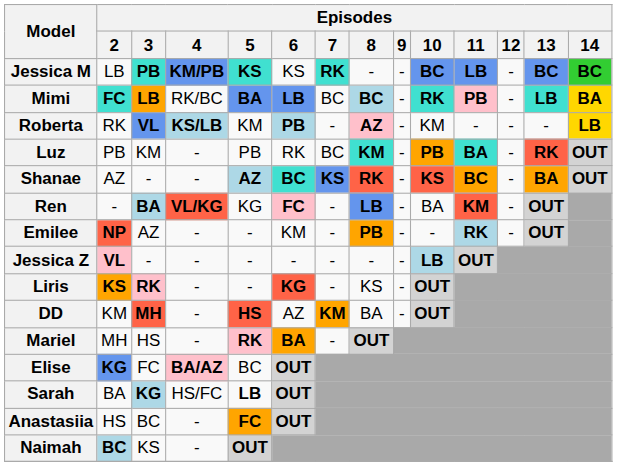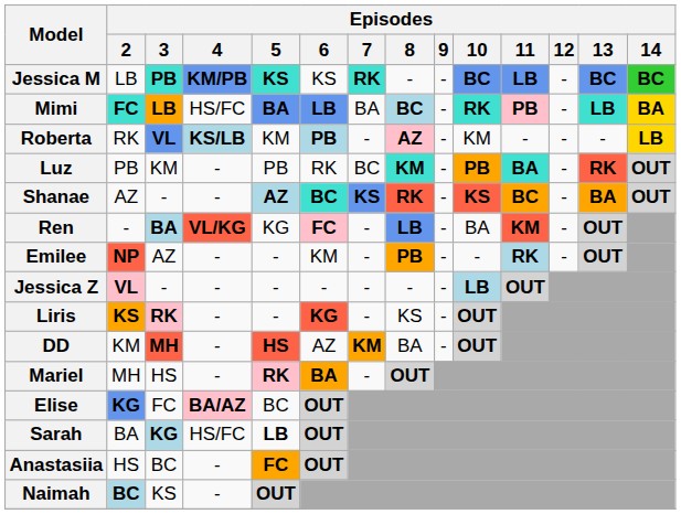 <table class="wikitable" style="text-align:center">
 <tr>
 <th rowspan="2">Model</th>
 <th colspan="13">Episodes</th>
 </tr>
 <tr>
 <th>2</th>
 <th>3</th>
 <th>4</th>
 <th>5</th>
 <th>6</th>
 <th>7</th>
 <th>8</th>
 <th>9</th>
 <th>10</th>
 <th>11</th>
 <th>12</th>
 <th>13</th>
 <th>14</th>
 </tr>
 <tr>
 <th>Jessica M</th>
 <td>LB</td>
 <td style="background:turquoise;"><strong>PB</strong></td>
 <td style="background:cornflowerblue;"><strong>KM/PB</strong></td>
 <td style="background:turquoise;"><strong>KS</strong></td>
 <td>KS</td>
 <td style="background:turquoise;"><strong>RK</strong></td>
 <td>-</td>
 <td>-</td>
 <td style="background:cornflowerblue;"><strong>BC</strong></td>
 <td style="background:cornflowerblue;"><strong>LB</strong></td>
 <td>-</td>
 <td style="background:cornflowerblue;"><strong>BC</strong></td>
 <td bgcolor="limegreen"><strong>BC</strong></td>
 </tr>
 <tr>
 <th>Mimi</th>
 <td bgcolor="turquoise"><strong>FC</strong></td>
 <td bgcolor="orange"><strong>LB</strong></td>
-<td>RK/BC</td>
+<td>HS/FC</td>
 <td style="background:cornflowerblue;"><strong>BA</strong></td>
 <td style="background:cornflowerblue;"><strong>LB</strong></td>
-<td>BC</td>
+<td>BA</td>
 <td style="background:lightblue;"><strong>BC</strong></td>
 <td>-</td>
 <td style="background:turquoise;"><strong>RK</strong></td>
 <td bgcolor="pink"><strong>PB</strong></td>
 <td>-</td>
 <td style="background:turquoise;"><strong>LB</strong></td>
 <td bgcolor="gold"><strong>BA</strong></td>
 </tr>
 <tr>
 <th>Roberta</th>
 <td>RK</td>
 <td style="background:cornflowerblue;"><strong>VL</strong></td>
 <td style="background:lightblue;"><strong>KS/LB</strong></td>
 <td>KM</td>
 <td style="background:lightblue;"><strong>PB</strong></td>
 <td>-</td>
 <td bgcolor="pink"><strong>AZ</strong></td>
 <td>-</td>
 <td>KM</td>
 <td>-</td>
 <td>-</td>
 <td>-</td>
 <td bgcolor="gold"><strong>LB</strong></td>
 </tr>
 <tr>
 <th>Luz</th>
 <td>PB</td>
 <td>KM</td>
 <td>-</td>
 <td>PB</td>
 <td>RK</td>
 <td>BC</td>
 <td style="background:turquoise;"><strong>KM</strong></td>
 <td>-</td>
 <td bgcolor="orange"><strong>PB</strong></td>
 <td style="background:turquoise;"><strong>BA</strong></td>
 <td>-</td>
 <td bgcolor="tomato"><strong>RK</strong></td>
 <td style="background:lightgrey;"><strong>OUT</strong></td>
 </tr>
 <tr>
 <th>Shanae</th>
 <td>AZ</td>
 <td>-</td>
 <td>-</td>
 <td style="background:lightblue;"><strong>AZ</strong></td>
 <td style="background:turquoise;"><strong>BC</strong></td>
 <td style="background:cornflowerblue;"><strong>KS</strong></td>
 <td bgcolor="tomato"><strong>RK</strong></td>
 <td>-</td>
 <td bgcolor="tomato"><strong>KS</strong></td>
 <td bgcolor="orange"><strong>BC</strong></td>
 <td>-</td>
 <td bgcolor="orange"><strong>BA</strong></td>
 <td style="background:lightgrey;"><strong>OUT</strong></td>
 </tr>
 <tr>
 <th>Ren</th>
 <td>-</td>
 <td style="background:lightblue;"><strong>BA</strong></td>
 <td bgcolor="tomato"><strong>VL/KG</strong></td>
 <td>KG</td>
 <td bgcolor="pink"><strong>FC</strong></td>
 <td>-</td>
 <td style="background:cornflowerblue;"><strong>LB</strong></td>
 <td>-</td>
 <td>BA</td>
 <td bgcolor="tomato"><strong>KM</strong></td>
 <td>-</td>
 <td style="background:lightgrey;"><strong>OUT</strong></td>
 <td style="background:darkgrey;" colspan="1"></td>
 </tr>
 <tr>
 <th>Emilee</th>
 <td bgcolor="tomato"><strong>NP</strong></td>
 <td>AZ</td>
 <td>-</td>
 <td>-</td>
 <td>KM</td>
 <td>-</td>
 <td bgcolor="orange"><strong>PB</strong></td>
 <td>-</td>
 <td>-</td>
 <td style="background:lightblue;"><strong>RK</strong></td>
 <td>-</td>
 <td style="background:lightgrey;"><strong>OUT</strong></td>
 <td style="background:darkgrey;" colspan="1"></td>
 </tr>
 <tr>
 <th>Jessica Z</th>
 <td bgcolor="pink"><strong>VL</strong></td>
 <td>-</td>
 <td>-</td>
 <td>-</td>
 <td>-</td>
 <td>-</td>
 <td>-</td>
 <td>-</td>
 <td style="background:lightblue;"><strong>LB</strong></td>
 <td style="background:lightgrey;"><strong>OUT</strong></td>
 <td style="background:darkgrey;" colspan="12"></td>
 </tr>
 <tr>
 <th>Liris</th>
 <td style="background:orange;"><strong>KS</strong></td>
 <td style="background:pink;"><strong>RK</strong></td>
 <td>-</td>
 <td>-</td>
 <td bgcolor="tomato"><strong>KG</strong></td>
 <td>-</td>
 <td>KS</td>
 <td>-</td>
 <td style="background:lightgrey;"><strong>OUT</strong></td>
 <td style="background:darkgrey;" colspan="4"></td>
 </tr>
 <tr>
 <th>DD</th>
 <td>KM</td>
 <td style="background:tomato;"><strong>MH</strong></td>
 <td>-</td>
 <td style="background:tomato;"><strong>HS</strong></td>
 <td>AZ</td>
 <td bgcolor="orange"><strong>KM</strong></td>
 <td>BA</td>
 <td>-</td>
 <td style="background:lightgrey;"><strong>OUT</strong></td>
 <td style="background:darkgrey;" colspan="4"></td>
 </tr>
 <tr>
 <th>Mariel</th>
 <td>MH</td>
 <td>HS</td>
 <td>-</td>
 <td style="background:pink;"><strong>RK</strong></td>
 <td style="background:orange;"><strong>BA</strong></td>
 <td>-</td>
 <td style="background:lightgrey;"><strong>OUT</strong></td>
 <td style="background:darkgrey;" colspan="6"></td>
 </tr>
 <tr>
 <th>Elise</th>
 <td bgcolor="cornflowerblue"><strong>KG</strong></td>
 <td>FC</td>
 <td style="background:pink;"><strong>BA/AZ</strong></td>
 <td>BC</td>
 <td style="background:lightgrey;"><strong>OUT</strong></td>
 <td style="background:darkgrey;" colspan="8"></td>
 </tr>
 <tr>
 <th>Sarah</th>
 <td>BA</td>
 <td style="background:lightblue;"><strong>KG</strong></td>
 <td>HS/FC</td>
 <td><strong>LB</strong></td>
 <td style="background:lightgrey;"><strong>OUT</strong></td>
 <td style="background:darkgrey;" colspan="8"></td>
 </tr>
 <tr>
 <th>Anastasiia</th>
 <td>HS</td>
 <td>BC</td>
 <td>-</td>
 <td style="background:orange;"><strong>FC</strong></td>
 <td style="background:lightgrey;"><strong>OUT</strong></td>
 <td style="background:darkgrey;" colspan="8"></td>
 </tr>
 <tr>
 <th>Naimah</th>
 <td style="background:lightblue;"><strong>BC</strong></td>
 <td>KS</td>
 <td>-</td>
 <td style="background:lightgrey;"><strong>OUT</strong></td>
 <td style="background:darkgrey;" colspan="9"></td>
 </tr>
 <tr>
 </tr>
 </table>
